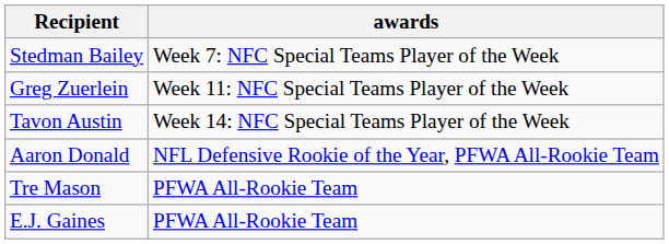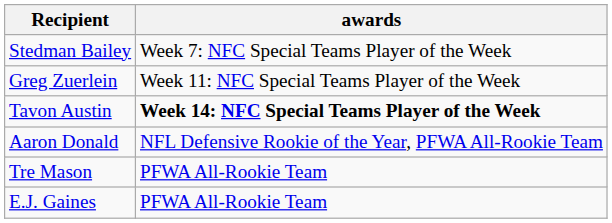 <table class="wikitable">
 <tr>
 <th>Recipient</th>
 <th>awards</th>
 </tr>
 <tr>
 <td><a href='#'>Stedman Bailey</a></td>
 <td>Week 7: <a href='#'>NFC</a> Special Teams Player of the Week</td>
 </tr>
 <tr>
 <td><a href='#'>Greg Zuerlein</a></td>
 <td>Week 11: <a href='#'>NFC</a> Special Teams Player of the Week</td>
 </tr>
 <tr>
 <td><a href='#'>Tavon Austin</a></td>
-<td>Week 14: <a href='#'>NFC</a> Special Teams Player of the Week</td>
+<td><strong>Week 14: <a href='#'>NFC</a> Special Teams Player of the Week</strong></td>
 </tr>
 <tr>
 <td><a href='#'>Aaron Donald</a></td>
 <td><a href='#'>NFL Defensive Rookie of the Year</a>, <a href='#'>PFWA All-Rookie Team</a></td>
 </tr>
 <tr>
 <td><a href='#'>Tre Mason</a></td>
 <td><a href='#'>PFWA All-Rookie Team</a></td>
 </tr>
 <tr>
 <td><a href='#'>E.J. Gaines</a></td>
 <td><a href='#'>PFWA All-Rookie Team</a></td>
 </tr>
 </table>
